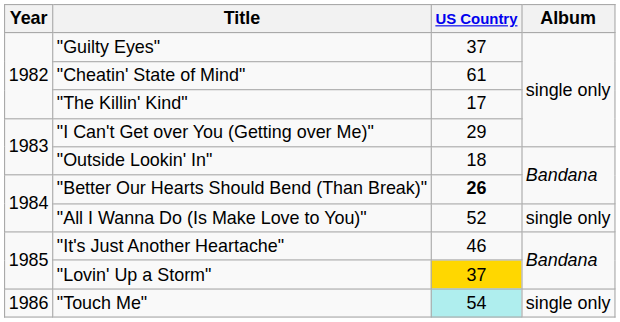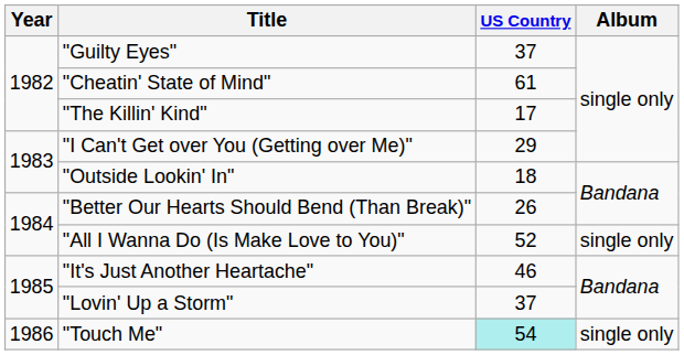 <table class="wikitable">
 <tr>
 <th style="width:auto;">Year</th>
 <th style="width:auto;">Title</th>
 <th style="width:auto;"><small><a href='#'>US Country</a></small></th>
 <th style="width:auto;">Album</th>
 </tr>
 <tr>
 <td rowspan=3>1982</td>
 <td>"Guilty Eyes"</td>
 <td style="text-align:center;">37</td>
 <td rowspan=4>single only</td>
 </tr>
 <tr>
 <td>"Cheatin' State of Mind"</td>
 <td style="text-align:center;">61</td>
 </tr>
 <tr>
 <td>"The Killin' Kind"</td>
 <td style="text-align:center;">17</td>
 </tr>
 <tr>
 <td rowspan=2>1983</td>
 <td>"I Can't Get over You (Getting over Me)"</td>
 <td style="text-align:center;">29</td>
 </tr>
 <tr>
 <td>"Outside Lookin' In"</td>
 <td style="text-align:center;">18</td>
 <td rowspan=2><em>Bandana</em></td>
 </tr>
 <tr>
 <td rowspan=2>1984</td>
 <td>"Better Our Hearts Should Bend (Than Break)"</td>
-<td style="text-align:center;"><strong>26</strong></td>
+<td style="text-align:center;">26</td>
 </tr>
 <tr>
 <td>"All I Wanna Do (Is Make Love to You)"</td>
 <td style="text-align:center;">52</td>
 <td>single only</td>
 </tr>
 <tr>
 <td rowspan=2>1985</td>
 <td>"It's Just Another Heartache"</td>
 <td style="text-align:center;">46</td>
 <td rowspan=2><em>Bandana</em></td>
 </tr>
 <tr>
 <td>"Lovin' Up a Storm"</td>
-<td style="background: gold; text-align:center;">37</td>
+<td style="text-align:center;">37</td>
 </tr>
 <tr>
 <td>1986</td>
 <td>"Touch Me"</td>
 <td style="background: paleturquoise; text-align:center;">54</td>
 <td>single only</td>
 </tr>
 </table>
